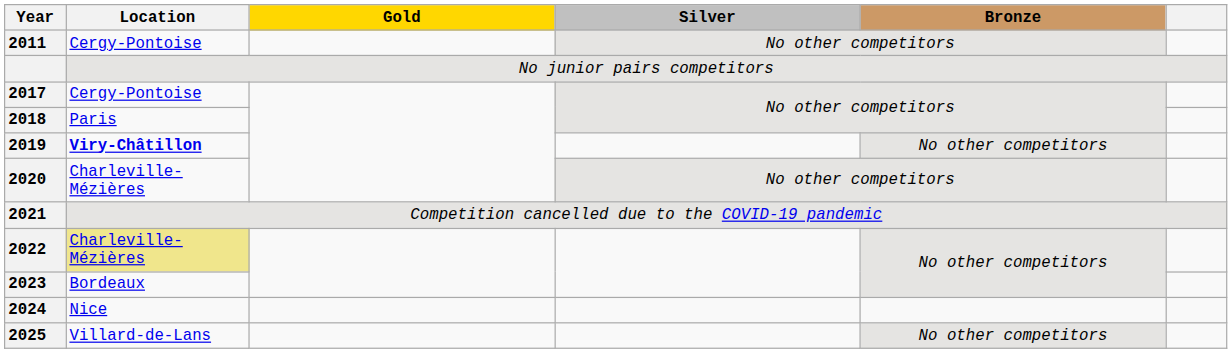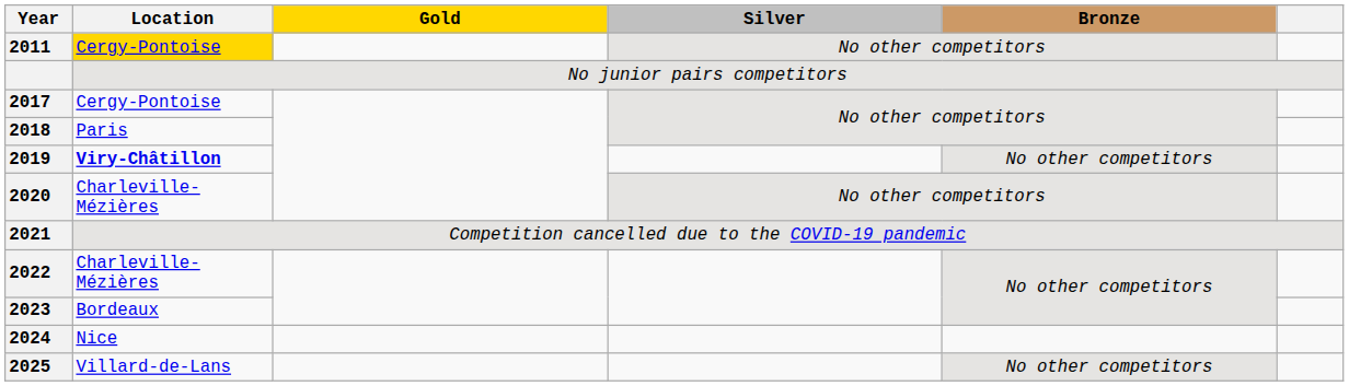 <table class="wikitable unsortable" style="text-align:left; width:80%">
 <tr>
 <th scope="col" style="text-align:center; width:5%">Year</th>
 <th scope="col" style="text-align:center; width:15%">Location</th>
 <td scope="col" style="text-align:center; width:25%; background:gold"><strong>Gold</strong></td>
 <td scope="col" style="text-align:center; width:25%; background:silver"><strong>Silver</strong></td>
 <td scope="col" style="text-align:center; width:25%; background:#c96"><strong>Bronze</strong></td>
 <th scope="col" style="text-align:center; width:5%"></th>
 </tr>
 <tr>
 <th scope="row" style="text-align:left">2011</th>
-<td><a href='#'>Cergy-Pontoise</a></td>
+<td style="background: gold;"><a href='#'>Cergy-Pontoise</a></td>
 <td></td>
 <td colspan="2" bgcolor="e5e4e2" align="center"><em>No other competitors</em></td>
 <td></td>
 </tr>
 <tr>
 <th scope="row" style="text-align:left"></th>
 <td colspan="5" bgcolor="e5e4e2" align="center"><em>No junior pairs competitors</em></td>
 </tr>
 <tr>
 <th scope="row" style="text-align:left">2017</th>
 <td><a href='#'>Cergy-Pontoise</a></td>
 <td rowspan="4"></td>
 <td colspan="2" rowspan="2" bgcolor="e5e4e2" align="center"><em>No other competitors</em></td>
 <td></td>
 </tr>
 <tr>
 <th scope="row" style="text-align:left">2018</th>
 <td><a href='#'>Paris</a></td>
 <td></td>
 </tr>
 <tr>
 <th scope="row" style="text-align:left">2019</th>
 <td><strong><a href='#'>Viry-Châtillon</a></strong></td>
 <td></td>
 <td bgcolor="e5e4e2" align="center"><em>No other competitors</em></td>
 <td></td>
 </tr>
 <tr>
 <th scope="row" style="text-align:left">2020</th>
 <td><a href='#'>Charleville-Mézières</a></td>
 <td colspan="2" bgcolor="e5e4e2" align="center"><em>No other competitors</em></td>
 <td></td>
 </tr>
 <tr>
 <th scope="row" style="text-align:left">2021</th>
 <td colspan="5" bgcolor="e5e4e2" align="center"><em>Competition cancelled due to the <a href='#'>COVID-19 pandemic</a></em></td>
 </tr>
 <tr>
 <th scope="row" style="text-align:left">2022</th>
-<td style="background: khaki;"><a href='#'>Charleville-Mézières</a></td>
+<td><a href='#'>Charleville-Mézières</a></td>
 <td rowspan="2"></td>
 <td rowspan="2"></td>
 <td rowspan="2" bgcolor="e5e4e2" align="center"><em>No other competitors</em></td>
 <td></td>
 </tr>
 <tr>
 <th scope="row" style="text-align:left">2023</th>
 <td><a href='#'>Bordeaux</a></td>
 <td></td>
 </tr>
 <tr>
 <th scope="row" style="text-align:left">2024</th>
 <td><a href='#'>Nice</a></td>
 <td></td>
 <td></td>
 <td></td>
 <td></td>
 </tr>
 <tr>
 <th scope="row" style="text-align:left">2025</th>
 <td><a href='#'>Villard-de-Lans</a></td>
 <td></td>
 <td></td>
 <td bgcolor="e5e4e2" align="center"><em>No other competitors</em></td>
 <td></td>
 </tr>
 </table>
